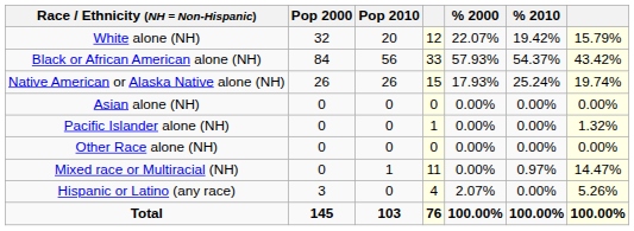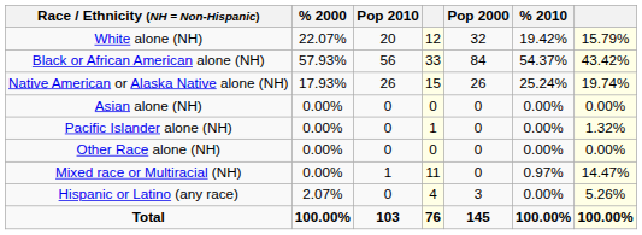 <table class="wikitable" style="text-align:center;">
 <tr>
 <th>Race / Ethnicity <small>(<em>NH = Non-Hispanic</em>)</small></th>
-<th>Pop 2000</th>
+<th>% 2000</th>
 <th>Pop 2010</th>
 <th></th>
-<th>% 2000</th>
+<th>Pop 2000</th>
 <th>% 2010</th>
 <th></th>
 </tr>
 <tr>
 <td><a href='#'>White</a> alone (NH)</td>
-<td>32</td>
+<td>22.07%</td>
 <td>20</td>
 <td style='background: #ffffe6;'>12</td>
-<td>22.07%</td>
+<td>32</td>
 <td>19.42%</td>
 <td style='background: #ffffe6;'>15.79%</td>
 </tr>
 <tr>
 <td><a href='#'>Black or African American</a> alone (NH)</td>
-<td>84</td>
+<td>57.93%</td>
 <td>56</td>
 <td style='background: #ffffe6;'>33</td>
-<td>57.93%</td>
+<td>84</td>
 <td>54.37%</td>
 <td style='background: #ffffe6;'>43.42%</td>
 </tr>
 <tr>
 <td><a href='#'>Native American</a> or <a href='#'>Alaska Native</a> alone (NH)</td>
-<td>26</td>
+<td>17.93%</td>
 <td>26</td>
 <td style='background: #ffffe6;'>15</td>
-<td>17.93%</td>
+<td>26</td>
 <td>25.24%</td>
 <td style='background: #ffffe6;'>19.74%</td>
 </tr>
 <tr>
 <td><a href='#'>Asian</a> alone (NH)</td>
-<td>0</td>
+<td>0.00%</td>
 <td>0</td>
 <td style='background: #ffffe6;'>0</td>
-<td>0.00%</td>
+<td>0</td>
 <td>0.00%</td>
 <td style='background: #ffffe6;'>0.00%</td>
 </tr>
 <tr>
 <td><a href='#'>Pacific Islander</a> alone (NH)</td>
-<td>0</td>
+<td>0.00%</td>
 <td>0</td>
 <td style='background: #ffffe6;'>1</td>
-<td>0.00%</td>
+<td>0</td>
 <td>0.00%</td>
 <td style='background: #ffffe6;'>1.32%</td>
 </tr>
 <tr>
 <td><a href='#'>Other Race</a> alone (NH)</td>
-<td>0</td>
+<td>0.00%</td>
 <td>0</td>
 <td style='background: #ffffe6;'>0</td>
-<td>0.00%</td>
+<td>0</td>
 <td>0.00%</td>
 <td style='background: #ffffe6;'>0.00%</td>
 </tr>
 <tr>
 <td><a href='#'>Mixed race or Multiracial</a> (NH)</td>
-<td>0</td>
+<td>0.00%</td>
 <td>1</td>
 <td style='background: #ffffe6;'>11</td>
-<td>0.00%</td>
+<td>0</td>
 <td>0.97%</td>
 <td style='background: #ffffe6;'>14.47%</td>
 </tr>
 <tr>
 <td><a href='#'>Hispanic or Latino</a> (any race)</td>
-<td>3</td>
+<td>2.07%</td>
 <td>0</td>
 <td style='background: #ffffe6;'>4</td>
-<td>2.07%</td>
+<td>3</td>
 <td>0.00%</td>
 <td style='background: #ffffe6;'>5.26%</td>
 </tr>
 <tr>
 <td><strong>Total</strong></td>
-<td><strong>145</strong></td>
+<td><strong>100.00%</strong></td>
 <td><strong>103</strong></td>
 <td style='background: #ffffe6;'><strong>76</strong></td>
-<td><strong>100.00%</strong></td>
+<td><strong>145</strong></td>
 <td><strong>100.00%</strong></td>
 <td style='background: #ffffe6;'><strong>100.00%</strong></td>
 </tr>
 </table>
